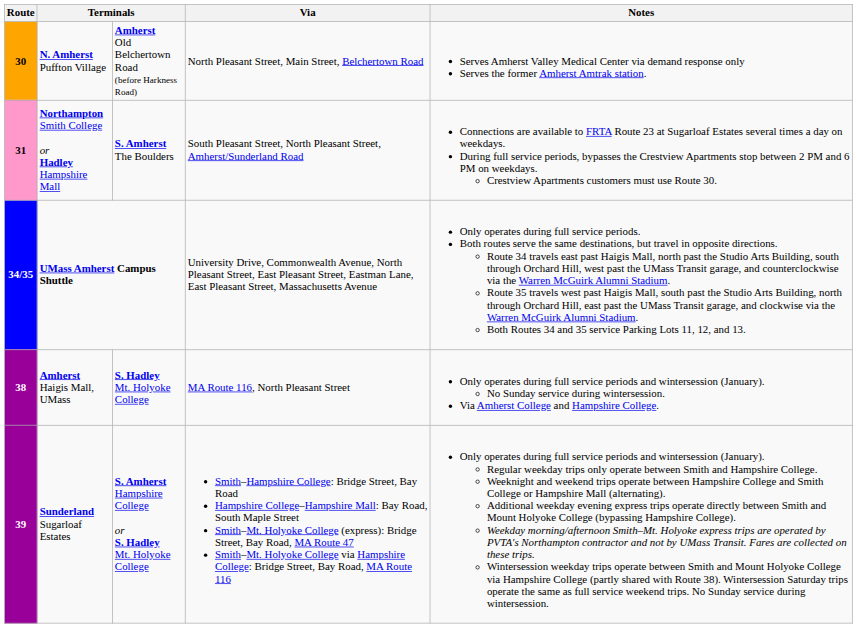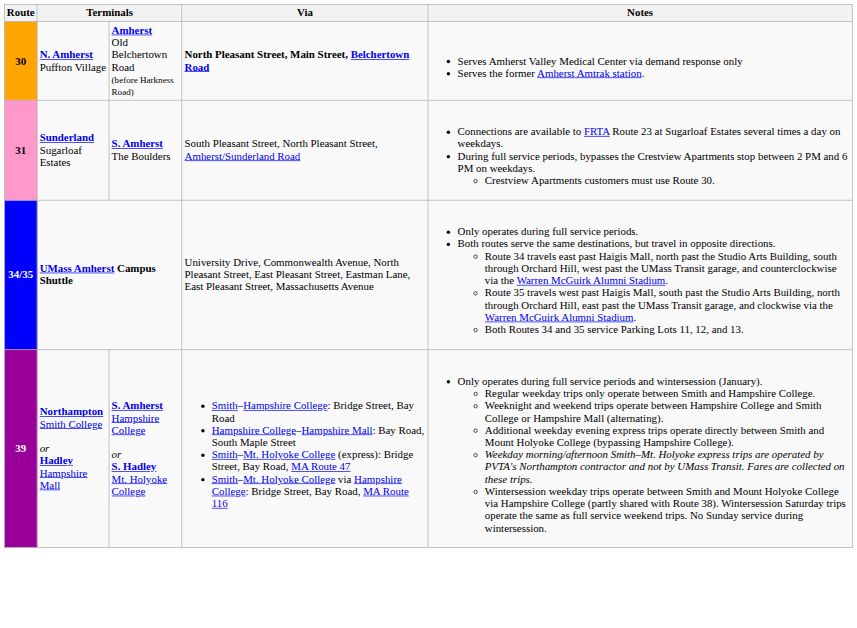 <table class="wikitable" border="1">
 <tr>
 <th>Route</th>
 <th colspan=2>Terminals</th>
 <th>Via</th>
 <th>Notes</th>
 </tr>
 <tr>
 <th style="background:orange; color:black"><strong>30</strong></th>
 <td><strong><a href='#'>N. Amherst</a></strong><br>Puffton Village</td>
 <td><strong><a href='#'>Amherst</a></strong><br>Old Belchertown Road<br><small>(before Harkness Road)</small></td>
-<td>North Pleasant Street, Main Street, <a href='#'>Belchertown Road</a></td>
+<td><strong>North Pleasant Street, Main Street, <a href='#'>Belchertown Road</a></strong></td>
 <td><br><ul><li>Serves Amherst Valley Medical Center via demand response only</li><li>Serves the former <a href='#'>Amherst Amtrak station</a>.</li></ul></td>
 </tr>
 <tr>
 <th style="background:#FF99CC; color:black"><strong>31</strong></th>
-<td><strong><a href='#'>Northampton</a></strong><br><a href='#'>Smith College</a><br><br><em>or</em><br> <strong><a href='#'>Hadley</a></strong><br><a href='#'>Hampshire Mall</a></td>
+<td><strong><a href='#'>Sunderland</a></strong><br>Sugarloaf Estates</td>
 <td><strong><a href='#'>S. Amherst</a></strong><br>The Boulders</td>
 <td>South Pleasant Street, North Pleasant Street, <a href='#'>Amherst/Sunderland Road</a></td>
 <td><br><ul><li>Connections are available to <a href='#'>FRTA</a> Route 23 at Sugarloaf Estates several times a day on weekdays.</li><li>During full service periods, bypasses the Crestview Apartments stop between 2 PM and 6 PM on weekdays.<ul><li>Crestview Apartments customers must use Route 30.</li></ul></li></ul></td>
 </tr>
 <tr>
 <th style="background:#0000FF; color:white"><strong>34/35</strong></th>
 <td colspan=2><strong><a href='#'>UMass Amherst</a> Campus Shuttle</strong></td>
 <td>University Drive, Commonwealth Avenue, North Pleasant Street, East Pleasant Street, Eastman Lane, East Pleasant Street, Massachusetts Avenue</td>
 <td><br><ul><li>Only operates during full service periods.</li><li>Both routes serve the same destinations, but travel in opposite directions.<ul><li>Route 34 travels east past Haigis Mall, north past the Studio Arts Building, south through Orchard Hill, west past the UMass Transit garage, and counterclockwise via the <a href='#'>Warren McGuirk Alumni Stadium</a>.</li><li>Route 35 travels west past Haigis Mall, south past the Studio Arts Building, north through Orchard Hill, east past the UMass Transit garage, and clockwise via the <a href='#'>Warren McGuirk Alumni Stadium</a>.</li><li>Both Routes 34 and 35 service Parking Lots 11, 12, and 13.</li></ul></li></ul></td>
 </tr>
 <tr>
-<th style="background:#909; color:white"><strong>38</strong></th>
-<td><strong><a href='#'>Amherst</a></strong><br>Haigis Mall, UMass</td>
-<td><strong><a href='#'>S. Hadley</a></strong><br><a href='#'>Mt. Holyoke College</a></td>
-<td><a href='#'>MA Route 116</a>, North Pleasant Street</td>
-<td><br><ul><li>Only operates during full service periods and wintersession (January).<ul><li>No Sunday service during wintersession.</li></ul></li><li>Via <a href='#'>Amherst College</a> and <a href='#'>Hampshire College</a>.</li></ul></td>
-</tr>
-<tr>
 <th style="background:#909; color:white"><strong>39</strong></th>
-<td><strong><a href='#'>Sunderland</a></strong><br>Sugarloaf Estates</td>
+<td><strong><a href='#'>Northampton</a></strong><br><a href='#'>Smith College</a><br><br><em>or</em><br> <strong><a href='#'>Hadley</a></strong><br><a href='#'>Hampshire Mall</a></td>
 <td><strong><a href='#'>S. Amherst</a></strong><br><a href='#'>Hampshire College</a><br><br><em>or</em><br><strong><a href='#'>S. Hadley</a></strong><br><a href='#'>Mt. Holyoke College</a></td>
 <td><br><ul><li><a href='#'>Smith</a>–<a href='#'>Hampshire College</a>: Bridge Street, Bay Road</li><li><a href='#'>Hampshire College</a>–<a href='#'>Hampshire Mall</a>: Bay Road, South Maple Street</li><li><a href='#'>Smith</a>–<a href='#'>Mt. Holyoke College</a> (express): Bridge Street, Bay Road, <a href='#'>MA Route 47</a></li><li><a href='#'>Smith</a>–<a href='#'>Mt. Holyoke College</a> via <a href='#'>Hampshire College</a>: Bridge Street, Bay Road, <a href='#'>MA Route 116</a></li></ul></td>
 <td><br><ul><li>Only operates during full service periods and wintersession (January).<ul><li>Regular weekday trips only operate between Smith and Hampshire College.</li><li>Weeknight and weekend trips operate between Hampshire College and Smith College or Hampshire Mall (alternating).</li><li>Additional weekday evening express trips operate directly between Smith and Mount Holyoke College (bypassing Hampshire College).</li><li><em>Weekday morning/afternoon Smith–Mt. Holyoke express trips are operated by PVTA's Northampton contractor and not by UMass Transit. Fares are collected on these trips.</em></li><li>Wintersession weekday trips operate between Smith and Mount Holyoke College via Hampshire College (partly shared with Route 38). Wintersession Saturday trips operate the same as full service weekend trips. No Sunday service during wintersession.</li></ul></li></ul></td>
 </tr>
 </table>
